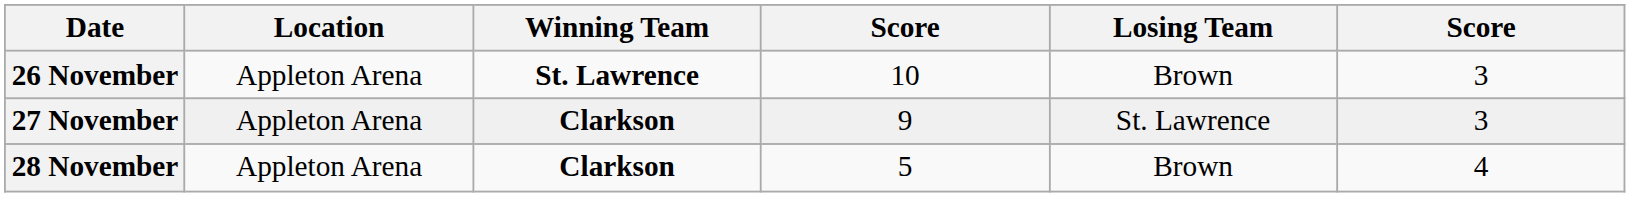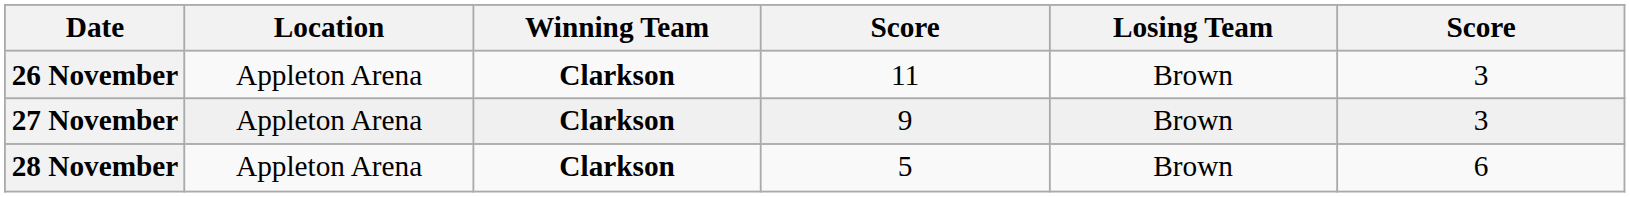 <table class="wikitable" style="text-align:center" cellpadding=2 cellspacing=2>
 <tr>
 <th>Date</th>
 <th scope="col" width="150">Location</th>
 <th scope="col" width="150">Winning Team</th>
 <th scope="col" width="150">Score</th>
 <th scope="col" width="150">Losing Team</th>
 <th scope="col" width="150">Score</th>
 </tr>
 <tr>
 <th>26 November</th>
 <td>Appleton Arena</td>
-<td><strong>St. Lawrence</strong></td>
-<td>10</td>
+<td><strong>Clarkson</strong></td>
+<td>11</td>
 <td>Brown</td>
 <td>3</td>
 </tr>
 <tr bgcolor=f0f0f0>
 <th>27 November</th>
 <td>Appleton Arena</td>
 <td><strong>Clarkson</strong></td>
 <td>9</td>
-<td>St. Lawrence</td>
+<td>Brown</td>
 <td>3</td>
 </tr>
 <tr>
 <th>28 November</th>
 <td>Appleton Arena</td>
 <td><strong>Clarkson</strong></td>
 <td>5</td>
 <td>Brown</td>
-<td>4</td>
+<td>6</td>
 </tr>
 </table>
